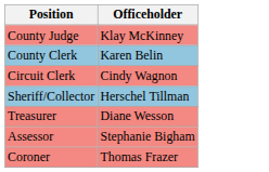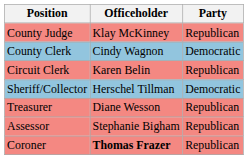 <table class="wikitable">
 <tr>
 <th>Position</th>
 <th>Officeholder</th>
+<th>Party</th>
 </tr>
 <tr style="background-color:#F48882;">
 <td>County Judge</td>
 <td>Klay McKinney</td>
+<td>Republican</td>
 </tr>
 <tr style="background-color:#92C5DE;">
 <td>County Clerk</td>
-<td>Karen Belin</td>
+<td>Cindy Wagnon</td>
+<td>Democratic</td>
 </tr>
 <tr style="background-color:#F48882;">
 <td>Circuit Clerk</td>
-<td>Cindy Wagnon</td>
+<td>Karen Belin</td>
+<td>Republican</td>
 </tr>
 <tr style="background-color:#92C5DE;">
 <td>Sheriff/Collector</td>
 <td>Herschel Tillman</td>
+<td>Democratic</td>
 </tr>
 <tr style="background-color:#F48882;">
 <td>Treasurer</td>
 <td>Diane Wesson</td>
+<td>Republican</td>
 </tr>
 <tr style="background-color:#F48882;">
 <td>Assessor</td>
 <td>Stephanie Bigham</td>
+<td>Republican</td>
 </tr>
 <tr style="background-color:#F48882;">
 <td>Coroner</td>
-<td>Thomas Frazer</td>
+<td><strong>Thomas Frazer</strong></td>
+<td>Republican</td>
 </tr>
 </table>
